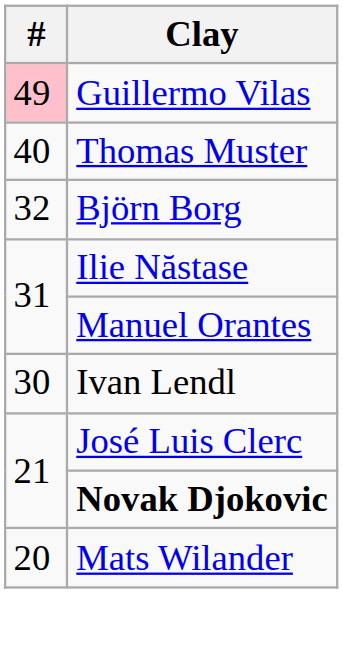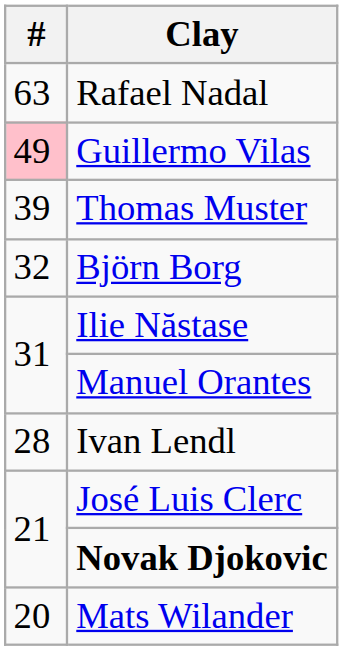 <table class="wikitable" style="display:inline-table;">
 <tr>
 <th width=20>#</th>
 <th>Clay</th>
 </tr>
 <tr>
+<td>63</td>
+<td> Rafael Nadal</td>
+</tr>
+<tr>
 <td style="background: pink;">49</td>
 <td> <a href='#'>Guillermo Vilas</a></td>
 </tr>
 <tr>
-<td>40</td>
+<td>39</td>
 <td> <a href='#'>Thomas Muster</a></td>
 </tr>
 <tr>
 <td>32</td>
 <td> <a href='#'>Björn Borg</a></td>
 </tr>
 <tr>
 <td rowspan="2">31</td>
 <td> <a href='#'>Ilie Năstase</a></td>
 </tr>
 <tr>
 <td> <a href='#'>Manuel Orantes</a></td>
 </tr>
 <tr>
-<td>30</td>
+<td>28</td>
 <td> Ivan Lendl</td>
 </tr>
 <tr>
 <td rowspan="2">21</td>
 <td> <a href='#'>José Luis Clerc</a></td>
 </tr>
 <tr>
 <td> <strong>Novak Djokovic</strong></td>
 </tr>
 <tr>
 <td>20</td>
 <td> <a href='#'>Mats Wilander</a></td>
 </tr>
 </table>
